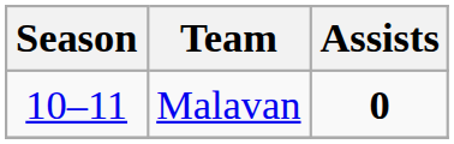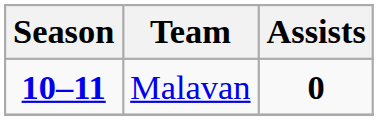 <table class="wikitable" style="text-align: center;">
 <tr>
 <th>Season</th>
 <th>Team</th>
 <th>Assists</th>
 </tr>
 <tr>
-<td><a href='#'>10–11</a></td>
+<td><strong><a href='#'>10–11</a></strong></td>
 <td align="left"><a href='#'>Malavan</a></td>
 <td><strong>0</strong></td>
 </tr>
 <tr>
 </tr>
 </table>
